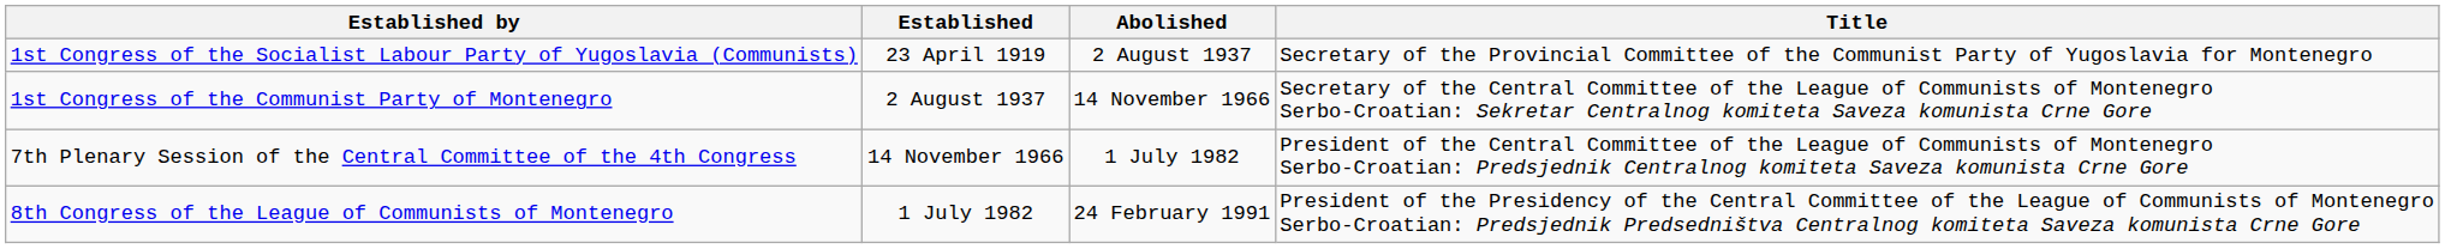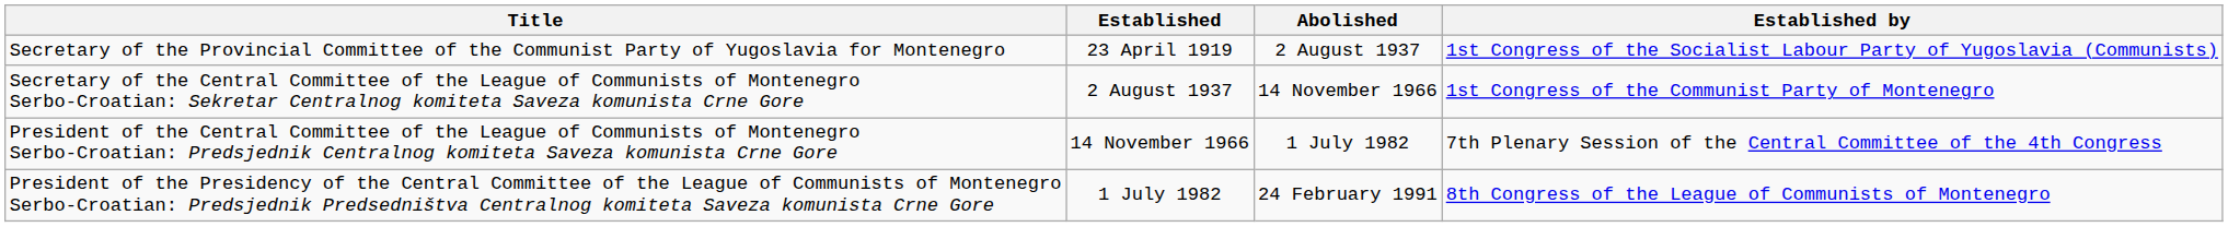 <table class="wikitable sortable">
 <tr>
-<th scope=col>Established by</th>
+<th scope=col>Title</th>
 <th scope=col>Established</th>
 <th scope=col>Abolished</th>
-<th scope=col>Title</th>
+<th scope=col>Established by</th>
 </tr>
 <tr>
-<td><a href='#'>1st Congress of the Socialist Labour Party of Yugoslavia (Communists)</a></td>
+<td>Secretary of the Provincial Committee of the Communist Party of Yugoslavia for Montenegro<br></td>
 <td align="center">23 April 1919</td>
 <td align="center">2 August 1937</td>
-<td>Secretary of the Provincial Committee of the Communist Party of Yugoslavia for Montenegro<br></td>
+<td><a href='#'>1st Congress of the Socialist Labour Party of Yugoslavia (Communists)</a></td>
 </tr>
 <tr>
-<td><a href='#'>1st Congress of the Communist Party of Montenegro</a></td>
+<td>Secretary of the Central Committee of the League of Communists of Montenegro<br>Serbo-Croatian: <em>Sekretar Centralnog komiteta Saveza komunista Crne Gore</em></td>
 <td align="center">2 August 1937</td>
 <td align="center">14 November 1966</td>
-<td>Secretary of the Central Committee of the League of Communists of Montenegro<br>Serbo-Croatian: <em>Sekretar Centralnog komiteta Saveza komunista Crne Gore</em></td>
+<td><a href='#'>1st Congress of the Communist Party of Montenegro</a></td>
 </tr>
 <tr>
-<td>7th Plenary Session of the <a href='#'>Central Committee of the 4th Congress</a></td>
+<td>President of the Central Committee of the League of Communists of Montenegro<br>Serbo-Croatian: <em>Predsjednik Centralnog komiteta Saveza komunista Crne Gore</em></td>
 <td align="center">14 November 1966</td>
 <td align="center">1 July 1982</td>
-<td>President of the Central Committee of the League of Communists of Montenegro<br>Serbo-Croatian: <em>Predsjednik Centralnog komiteta Saveza komunista Crne Gore</em></td>
+<td>7th Plenary Session of the <a href='#'>Central Committee of the 4th Congress</a></td>
 </tr>
 <tr>
-<td><a href='#'>8th Congress of the League of Communists of Montenegro</a></td>
+<td>President of the Presidency of the Central Committee of the League of Communists of Montenegro<br>Serbo-Croatian: <em>Predsjednik Predsedništva Centralnog komiteta Saveza komunista Crne Gore</em></td>
 <td align="center">1 July 1982</td>
 <td align="center">24 February 1991</td>
-<td>President of the Presidency of the Central Committee of the League of Communists of Montenegro<br>Serbo-Croatian: <em>Predsjednik Predsedništva Centralnog komiteta Saveza komunista Crne Gore</em></td>
+<td><a href='#'>8th Congress of the League of Communists of Montenegro</a></td>
 </tr>
 </table>
